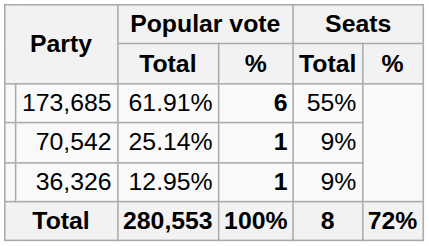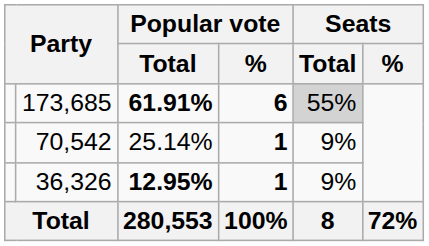 <table class=wikitable style="text-align:right;">
 <tr>
 <th rowspan=2 colspan=2>Party</th>
 <th colspan=2>Popular vote</th>
 <th colspan=2>Seats</th>
 </tr>
 <tr>
 <th>Total</th>
 <th>%</th>
 <th>Total</th>
 <th>%</th>
 </tr>
 <tr>
 <td></td>
 <td>173,685</td>
-<td>61.91%</td>
+<td><strong>61.91%</strong></td>
 <td><strong>6</strong></td>
-<td>55%</td>
+<td style="background: lightgrey;">55%</td>
 </tr>
 <tr>
 <td></td>
 <td>70,542</td>
 <td>25.14%</td>
 <td><strong>1</strong></td>
 <td>9%</td>
 </tr>
 <tr>
 <td></td>
 <td>36,326</td>
-<td>12.95%</td>
+<td><strong>12.95%</strong></td>
 <td><strong>1</strong></td>
 <td>9%</td>
 </tr>
 <tr>
 <th colspan=2>Total</th>
 <th>280,553</th>
 <th>100%</th>
 <th>8</th>
 <th>72%</th>
 </tr>
 </table>
